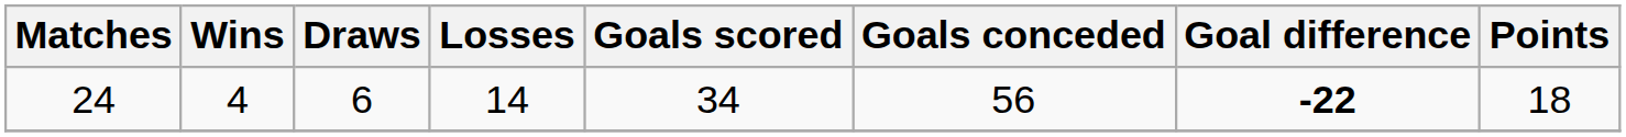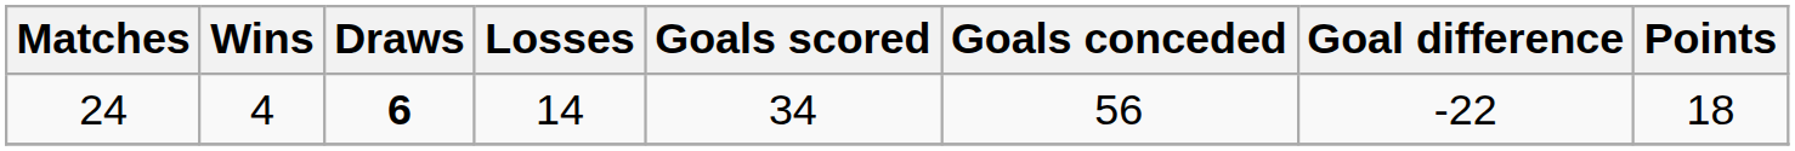 <table class="wikitable" | style="text-align:center;">
 <tr>
 <th>Matches</th>
 <th>Wins</th>
 <th>Draws</th>
 <th>Losses</th>
 <th>Goals scored</th>
 <th>Goals conceded</th>
 <th>Goal difference</th>
 <th>Points</th>
 </tr>
 <tr>
 <td>24</td>
 <td>4</td>
-<td>6</td>
+<td><strong>6</strong></td>
 <td>14</td>
 <td>34</td>
 <td>56</td>
-<td><strong>-22</strong></td>
+<td>-22</td>
 <td>18</td>
 </tr>
 <tr>
 </tr>
 </table>
